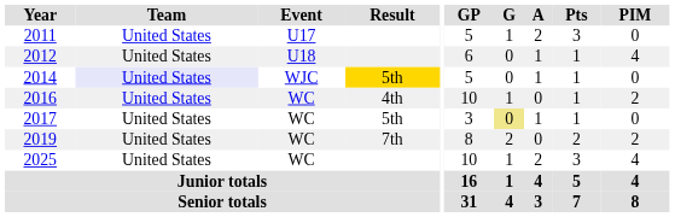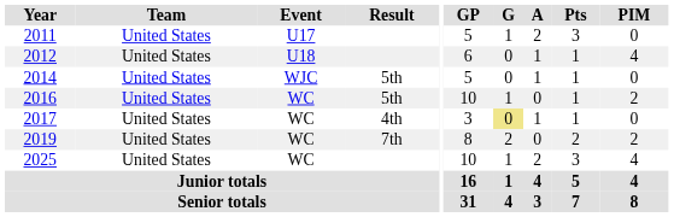 <table border="0" cellpadding="1" cellspacing="0" ID="Table3" style="text-align:center; width:40em">
 <tr ALIGN="center" bgcolor="#e0e0e0">
 <th>Year</th>
 <th>Team</th>
 <th>Event</th>
 <th>Result</th>
 <th rowspan="99" bgcolor="#ffffff"></th>
 <th>GP</th>
 <th>G</th>
 <th>A</th>
 <th>Pts</th>
 <th>PIM</th>
 </tr>
 <tr>
 <td><a href='#'>2011</a></td>
 <td><a href='#'>United States</a></td>
 <td><a href='#'>U17</a></td>
 <td></td>
 <td>5</td>
 <td>1</td>
 <td>2</td>
 <td>3</td>
 <td>0</td>
 </tr>
 <tr bgcolor="#f0f0f0">
 <td><a href='#'>2012</a></td>
 <td>United States</td>
 <td><a href='#'>U18</a></td>
 <td></td>
 <td>6</td>
 <td>0</td>
 <td>1</td>
 <td>1</td>
 <td>4</td>
 </tr>
 <tr>
 <td><a href='#'>2014</a></td>
-<td style="background: lavender;"><a href='#'>United States</a></td>
+<td><a href='#'>United States</a></td>
 <td><a href='#'>WJC</a></td>
-<td style="background: gold;">5th</td>
+<td>5th</td>
 <td>5</td>
 <td>0</td>
 <td>1</td>
 <td>1</td>
 <td>0</td>
 </tr>
 <tr bgcolor="#f0f0f0">
 <td><a href='#'>2016</a></td>
 <td><a href='#'>United States</a></td>
 <td><a href='#'>WC</a></td>
-<td>4th</td>
+<td>5th</td>
 <td>10</td>
 <td>1</td>
 <td>0</td>
 <td>1</td>
 <td>2</td>
 </tr>
 <tr>
 <td><a href='#'>2017</a></td>
 <td>United States</td>
 <td>WC</td>
-<td>5th</td>
+<td>4th</td>
 <td>3</td>
 <td style="background: khaki;">0</td>
 <td>1</td>
 <td>1</td>
 <td>0</td>
 </tr>
 <tr bgcolor="#f0f0f0">
 <td><a href='#'>2019</a></td>
 <td>United States</td>
 <td>WC</td>
 <td>7th</td>
 <td>8</td>
 <td>2</td>
 <td>0</td>
 <td>2</td>
 <td>2</td>
 </tr>
 <tr>
 <td><a href='#'>2025</a></td>
 <td>United States</td>
 <td>WC</td>
 <td></td>
 <td>10</td>
 <td>1</td>
 <td>2</td>
 <td>3</td>
 <td>4</td>
 </tr>
 <tr bgcolor="#e0e0e0">
 <th colspan="4">Junior totals</th>
 <th>16</th>
 <th>1</th>
 <th>4</th>
 <th>5</th>
 <th>4</th>
 </tr>
 <tr bgcolor="#e0e0e0">
 <th colspan="4">Senior totals</th>
 <th>31</th>
 <th>4</th>
 <th>3</th>
 <th>7</th>
 <th>8</th>
 </tr>
 </table>
